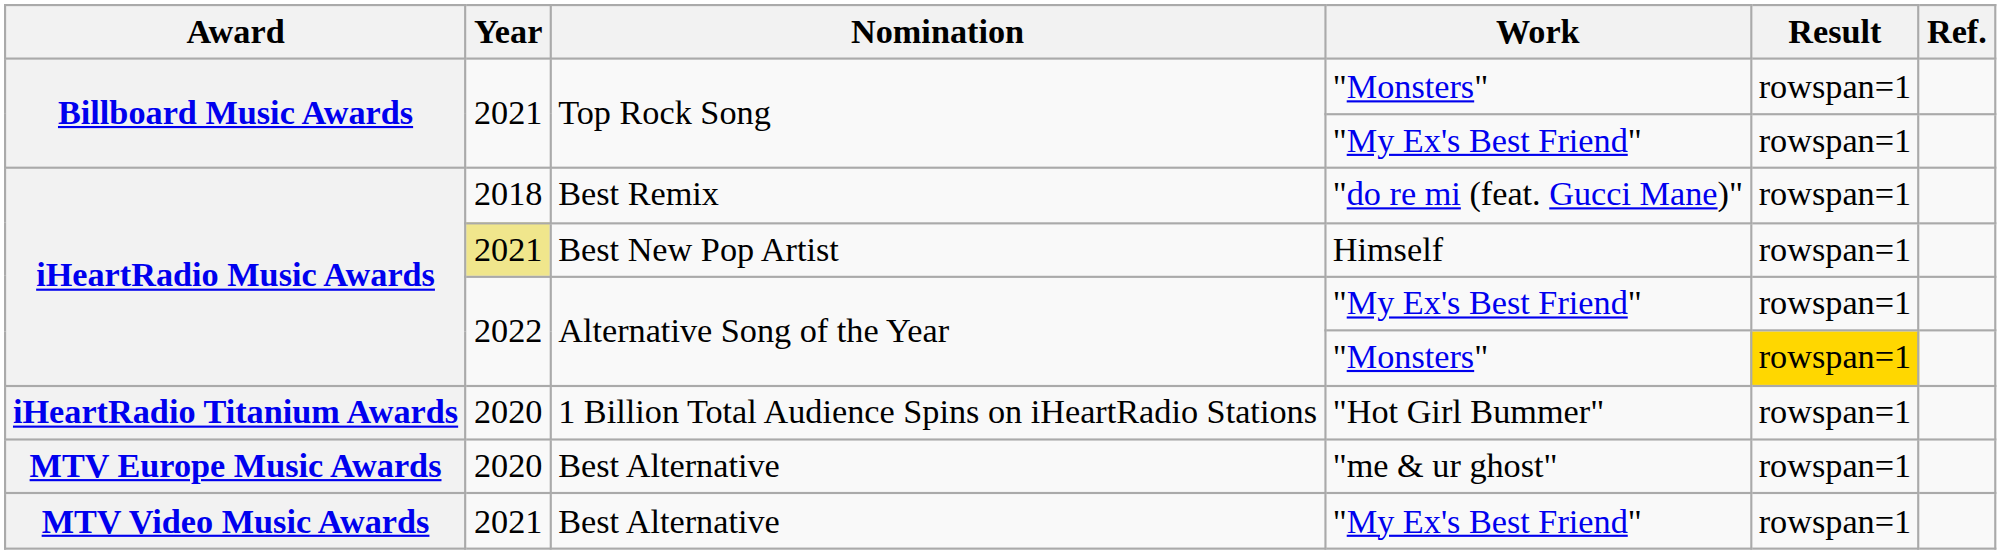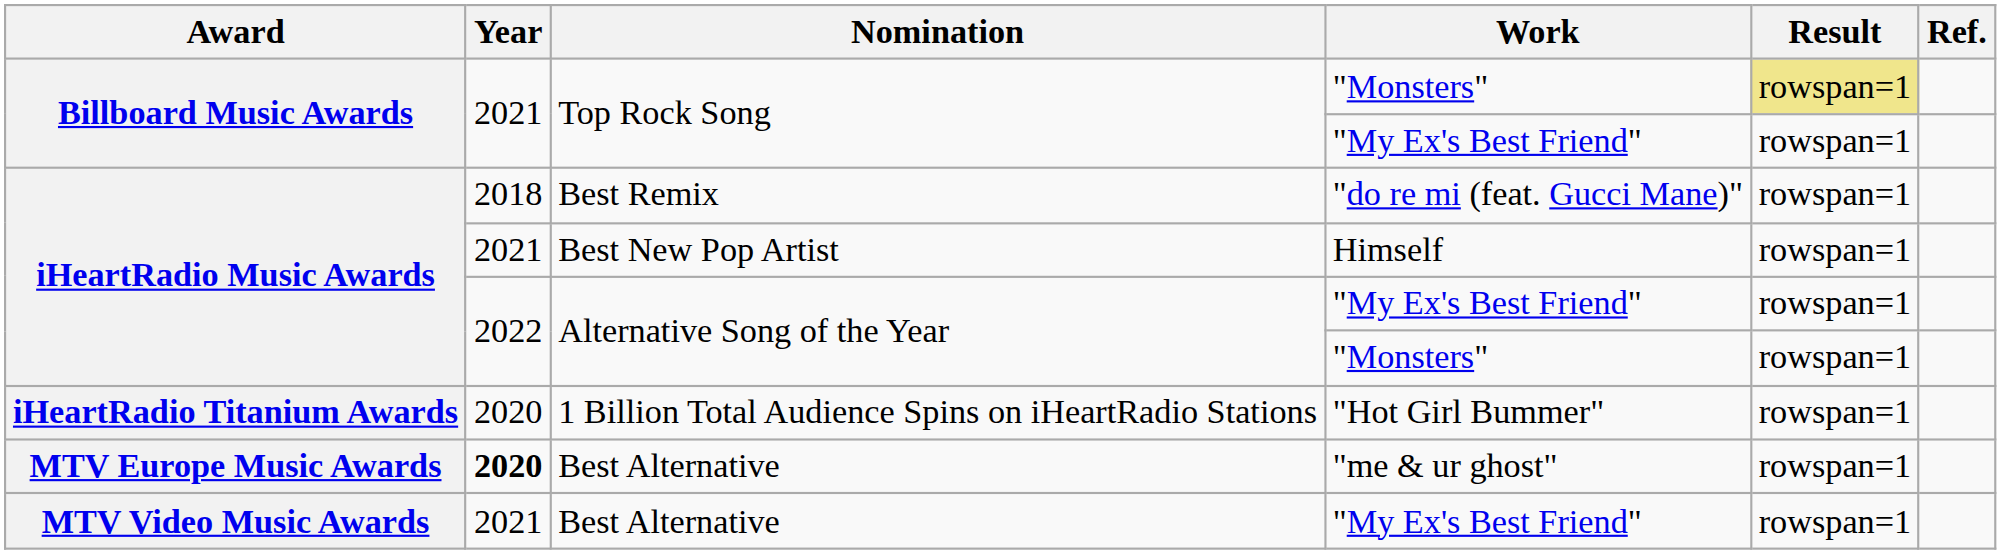 <table class="wikitable plainrowheaders">
 <tr>
 <th>Award</th>
 <th>Year</th>
 <th>Nomination</th>
 <th>Work</th>
 <th>Result</th>
 <th>Ref.</th>
 </tr>
 <tr>
 <th scope="row" rowspan="2"><a href='#'>Billboard Music Awards</a></th>
 <td rowspan="2">2021</td>
 <td rowspan="2">Top Rock Song</td>
 <td>"<a href='#'>Monsters</a>"</td>
-<td>rowspan=1 </td>
+<td style="background: khaki;">rowspan=1 </td>
 <td style="text-align:center"></td>
 </tr>
 <tr>
 <td>"<a href='#'>My Ex's Best Friend</a>"</td>
 <td>rowspan=1 </td>
 <td style="text-align:center"></td>
 </tr>
 <tr>
 <th scope="row" rowspan="4"><a href='#'>iHeartRadio Music Awards</a></th>
 <td>2018</td>
 <td>Best Remix</td>
 <td>"<a href='#'>do re mi</a> (feat. <a href='#'>Gucci Mane</a>)"</td>
 <td>rowspan=1 </td>
 <td style="text-align:center"></td>
 </tr>
 <tr>
-<td style="background: khaki;">2021</td>
+<td>2021</td>
 <td>Best New Pop Artist</td>
 <td>Himself</td>
 <td>rowspan=1 </td>
 <td style="text-align:center"></td>
 </tr>
 <tr>
 <td rowspan="2">2022</td>
 <td rowspan="2">Alternative Song of the Year</td>
 <td>"<a href='#'>My Ex's Best Friend</a>"</td>
 <td>rowspan=1 </td>
 <td style="text-align:center"></td>
 </tr>
 <tr>
 <td>"<a href='#'>Monsters</a>"</td>
-<td style="background: gold;">rowspan=1 </td>
+<td>rowspan=1 </td>
 <td style="text-align:center"></td>
 </tr>
 <tr>
 <th><a href='#'>iHeartRadio Titanium Awards</a></th>
 <td>2020</td>
 <td>1 Billion Total Audience Spins on iHeartRadio Stations</td>
 <td>"Hot Girl Bummer"</td>
 <td>rowspan=1 </td>
 <td></td>
 </tr>
 <tr>
 <th scope="row"><a href='#'>MTV Europe Music Awards</a></th>
-<td>2020</td>
+<td><strong>2020</strong></td>
 <td>Best Alternative</td>
 <td>"me & ur ghost"</td>
 <td>rowspan=1 </td>
 <td style="text-align:center"></td>
 </tr>
 <tr>
 <th scope="row"><a href='#'>MTV Video Music Awards</a></th>
 <td>2021</td>
 <td>Best Alternative</td>
 <td>"<a href='#'>My Ex's Best Friend</a>"</td>
 <td>rowspan=1 </td>
 <td style="text-align:center"></td>
 </tr>
 </table>
